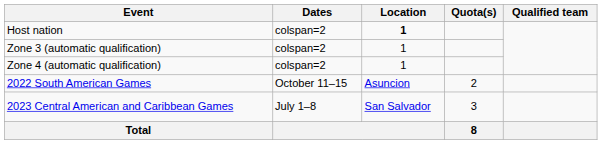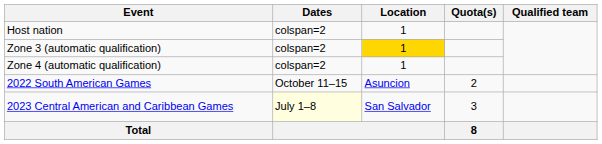 <table class="wikitable" width=860>
 <tr>
 <th>Event</th>
 <th>Dates</th>
 <th>Location</th>
 <th>Quota(s)</th>
 <th>Qualified team</th>
 </tr>
 <tr>
 <td>Host nation</td>
 <td>colspan=2 </td>
-<td align=center><strong>1</strong></td>
+<td align=center>1</td>
 <td></td>
 </tr>
 <tr>
 <td>Zone 3 (automatic qualification)</td>
 <td>colspan=2 </td>
-<td align=center>1</td>
+<td align=center style="background: gold;">1</td>
 <td></td>
 </tr>
 <tr>
 <td>Zone 4 (automatic qualification)</td>
 <td>colspan=2 </td>
 <td align=center>1</td>
 <td></td>
 </tr>
 <tr>
 <td><a href='#'>2022 South American Games</a></td>
 <td>October 11–15</td>
 <td> <a href='#'>Asuncion</a></td>
 <td align=center>2</td>
 <td><br></td>
 </tr>
 <tr>
 <td><a href='#'>2023 Central American and Caribbean Games</a></td>
-<td>July 1–8</td>
+<td style="background: lightyellow;">July 1–8</td>
 <td> <a href='#'>San Salvador</a></td>
 <td align=center>3</td>
 <td><br><br></td>
 </tr>
 <tr>
 <th>Total</th>
 <th colspan="2"></th>
 <th>8</th>
 <th></th>
 </tr>
 </table>
